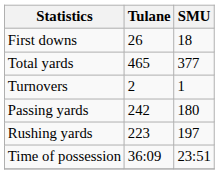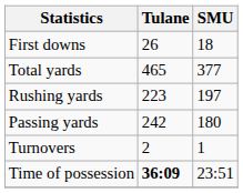 <table class="wikitable" style="float: left;">
 <tr>
 <th>Statistics</th>
 <th>Tulane</th>
 <th>SMU</th>
 </tr>
 <tr>
 <td>First downs</td>
 <td>26</td>
 <td>18</td>
 </tr>
 <tr>
 <td>Total yards</td>
 <td>465</td>
 <td>377</td>
 </tr>
 <tr>
-<td>Turnovers</td>
-<td>2</td>
-<td>1</td>
+<td>Rushing yards</td>
+<td>223</td>
+<td>197</td>
 </tr>
 <tr>
 <td>Passing yards</td>
 <td>242</td>
 <td>180</td>
 </tr>
 <tr>
-<td>Rushing yards</td>
-<td>223</td>
-<td>197</td>
+<td>Turnovers</td>
+<td>2</td>
+<td>1</td>
 </tr>
 <tr>
 <td>Time of possession</td>
-<td>36:09</td>
+<td><strong>36:09</strong></td>
 <td>23:51</td>
 </tr>
 <tr>
 </tr>
 </table>
